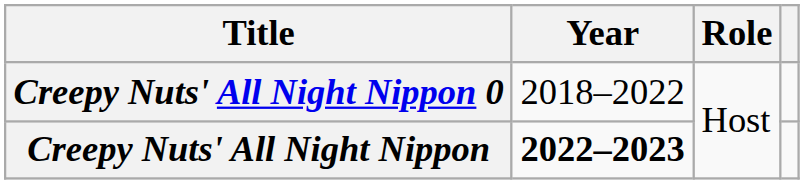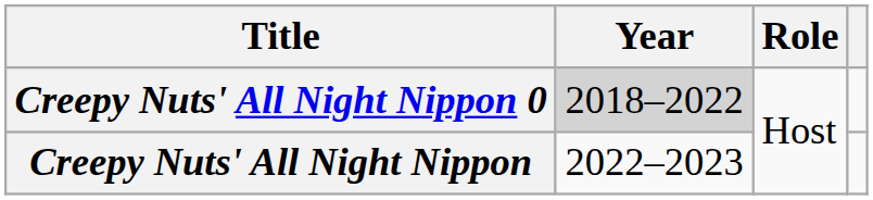 <table class="wikitable plainrowheaders">
 <tr>
 <th scope="col">Title</th>
 <th scope="col">Year</th>
 <th scope="col">Role</th>
 <th scope="col"></th>
 </tr>
 <tr>
 <th scope="row"><em>Creepy Nuts' <a href='#'>All Night Nippon</a> 0</em></th>
-<td>2018–2022</td>
+<td style="background: lightgrey;">2018–2022</td>
 <td rowspan="2">Host</td>
 <td style="text-align:center"></td>
 </tr>
 <tr>
 <th scope="row"><em>Creepy Nuts' All Night Nippon</em></th>
-<td><strong>2022–2023</strong></td>
+<td>2022–2023</td>
 <td style="text-align:center"></td>
 </tr>
 </table>
